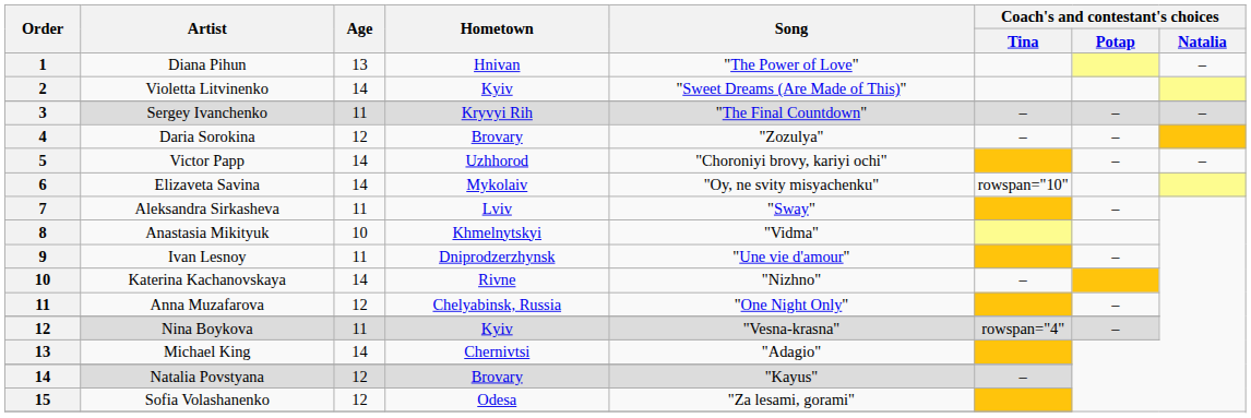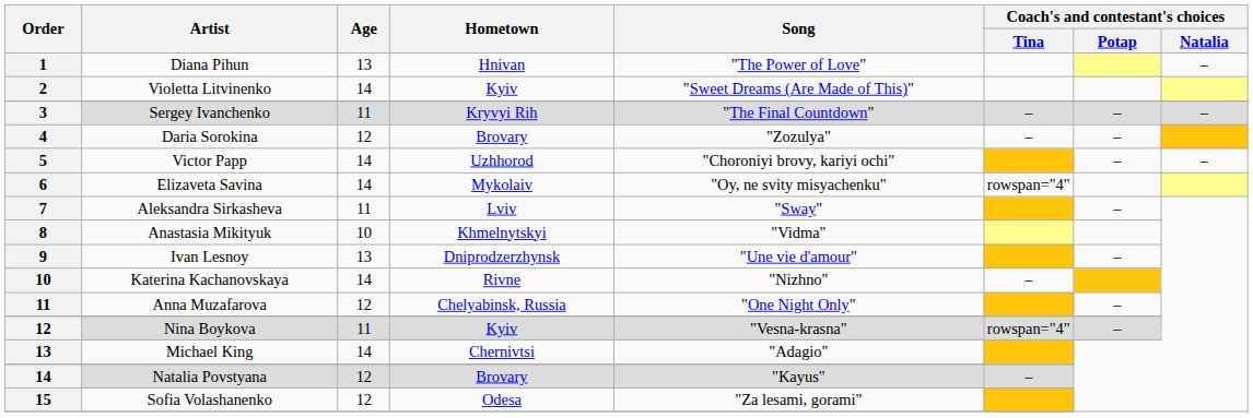 <table class="wikitable" style="text-align:center; line-height:17px; width:100%;">
 <tr>
 <th scope="col" rowspan="2" style="width=05%;">Order</th>
 <th scope="col" rowspan="2" style="width=20%;">Artist</th>
 <th scope="col" rowspan="2" style="width=05%;">Age</th>
 <th scope="col" rowspan="2" style="width:18%;">Hometown</th>
 <th scope="col" rowspan="2" style="width=22%;">Song</th>
 <th scope="col" colspan="4" style="width=28%;">Coach's and contestant's choices</th>
 </tr>
 <tr>
 <th width="07%"><a href='#'>Tina</a></th>
 <th width="07%"><a href='#'>Potap</a></th>
 <th width="07%"><a href='#'>Natalia</a></th>
 </tr>
 <tr>
 <th>1</th>
 <td>Diana Pihun</td>
 <td>13</td>
 <td><a href='#'>Hnivan</a></td>
 <td>"<a href='#'>The Power of Love</a>"</td>
 <td><strong></strong></td>
 <td style="background:#fdfc8f;"><strong></strong></td>
 <td>–</td>
 </tr>
 <tr>
 <th>2</th>
 <td>Violetta Litvinenko</td>
 <td>14</td>
 <td><a href='#'>Kyiv</a></td>
 <td>"<a href='#'>Sweet Dreams (Are Made of This)</a>"</td>
 <td><strong></strong></td>
 <td><strong></strong></td>
 <td style="background:#fdfc8f;"><strong></strong></td>
 </tr>
 <tr>
 </tr>
 <tr style="background:#DCDCDC;">
 <th>3</th>
 <td>Sergey Ivanchenko</td>
 <td>11</td>
 <td><a href='#'>Kryvyi Rih</a></td>
 <td>"<a href='#'>The Final Countdown</a>"</td>
 <td>–</td>
 <td>–</td>
 <td>–</td>
 </tr>
 <tr>
 <th>4</th>
 <td>Daria Sorokina</td>
 <td>12</td>
 <td><a href='#'>Brovary</a></td>
 <td>"Zozulya"</td>
 <td>–</td>
 <td>–</td>
 <td style="background:#ffc40c;"><strong></strong></td>
 </tr>
 <tr>
 <th>5</th>
 <td>Victor Papp</td>
 <td>14</td>
 <td><a href='#'>Uzhhorod</a></td>
 <td>"Choroniyi brovy, kariyi ochi"</td>
 <td style="background:#ffc40c;"><strong></strong></td>
 <td>–</td>
 <td>–</td>
 </tr>
 <tr>
 <th>6</th>
 <td>Elizaveta Savina</td>
 <td>14</td>
 <td><a href='#'>Mykolaiv</a></td>
 <td>"Oy, ne svity misyachenku"</td>
-<td>rowspan="10" </td>
+<td>rowspan="4" </td>
 <td><strong></strong></td>
 <td style="background:#fdfc8f;"><strong></strong></td>
 </tr>
 <tr>
 <th>7</th>
 <td>Aleksandra Sirkasheva</td>
 <td>11</td>
 <td><a href='#'>Lviv</a></td>
 <td>"<a href='#'>Sway</a>"</td>
 <td style="background:#ffc40c;"><strong></strong></td>
 <td>–</td>
 </tr>
 <tr>
 <th>8</th>
 <td>Anastasia Mikityuk</td>
 <td>10</td>
 <td><a href='#'>Khmelnytskyi</a></td>
 <td>"Vidma"</td>
 <td style="background:#fdfc8f;"><strong></strong></td>
 <td><strong></strong></td>
 </tr>
 <tr>
 <th>9</th>
 <td>Ivan Lesnoy</td>
-<td>11</td>
+<td>13</td>
 <td><a href='#'>Dniprodzerzhynsk</a></td>
 <td>"<a href='#'>Une vie d'amour</a>"</td>
 <td style="background:#ffc40c;"><strong></strong></td>
 <td>–</td>
 </tr>
 <tr>
 <th>10</th>
 <td>Katerina Kachanovskaya</td>
 <td>14</td>
 <td><a href='#'>Rivne</a></td>
 <td>"Nizhno"</td>
 <td>–</td>
 <td style="background:#ffc40c;"><strong></strong></td>
 </tr>
 <tr>
 <th>11</th>
 <td>Anna Muzafarova</td>
 <td>12</td>
 <td><a href='#'>Chelyabinsk, Russia</a></td>
 <td>"<a href='#'>One Night Only</a>"</td>
 <td style="background:#ffc40c;"><strong></strong></td>
 <td>–</td>
 </tr>
 <tr>
 </tr>
 <tr style="background:#DCDCDC;">
 <th>12</th>
 <td>Nina Boykova</td>
 <td>11</td>
 <td><a href='#'>Kyiv</a></td>
 <td>"Vesna-krasna"</td>
 <td>rowspan="4" </td>
 <td>–</td>
 </tr>
 <tr>
 <th>13</th>
 <td>Michael King</td>
 <td>14</td>
 <td><a href='#'>Chernivtsi</a></td>
 <td>"Adagio"</td>
 <td style="background:#ffc40c;"><strong></strong></td>
 </tr>
 <tr>
 </tr>
 <tr style="background:#DCDCDC;">
 <th>14</th>
 <td>Natalia Povstyana</td>
 <td>12</td>
 <td><a href='#'>Brovary</a></td>
 <td>"Kayus"</td>
 <td>–</td>
 </tr>
 <tr>
 <th>15</th>
 <td>Sofia Volashanenko</td>
 <td>12</td>
 <td><a href='#'>Odesa</a></td>
 <td>"Za lesami, gorami"</td>
 <td style="background:#ffc40c;"><strong></strong></td>
 </tr>
 <tr>
 </tr>
 </table>
